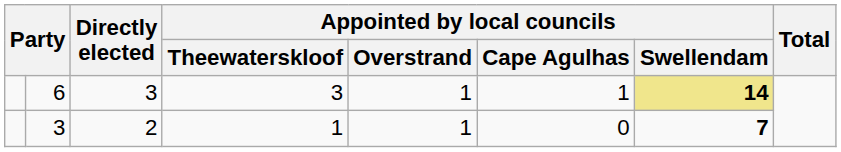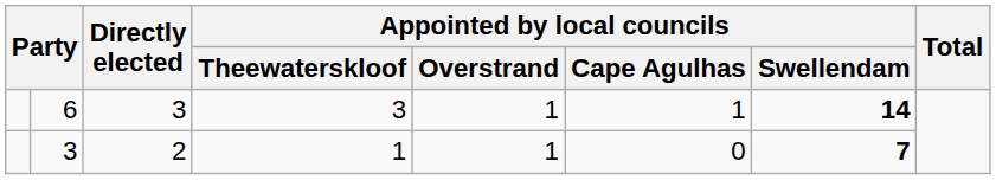 <table class=wikitable style="text-align:right">
 <tr>
 <th colspan="2" rowspan="2">Party</th>
 <th rowspan="2">Directly<br>elected</th>
 <th colspan="4">Appointed by local councils</th>
 <th rowspan="2">Total</th>
 </tr>
 <tr>
 <th>Theewaterskloof</th>
 <th>Overstrand</th>
 <th>Cape Agulhas</th>
 <th>Swellendam</th>
 </tr>
 <tr>
 <td></td>
 <td>6</td>
 <td>3</td>
 <td>3</td>
 <td>1</td>
 <td>1</td>
-<td style="background: khaki;"><strong>14</strong></td>
+<td><strong>14</strong></td>
 </tr>
 <tr>
 <td></td>
 <td>3</td>
 <td>2</td>
 <td>1</td>
 <td>1</td>
 <td>0</td>
 <td><strong>7</strong></td>
 </tr>
 </table>
